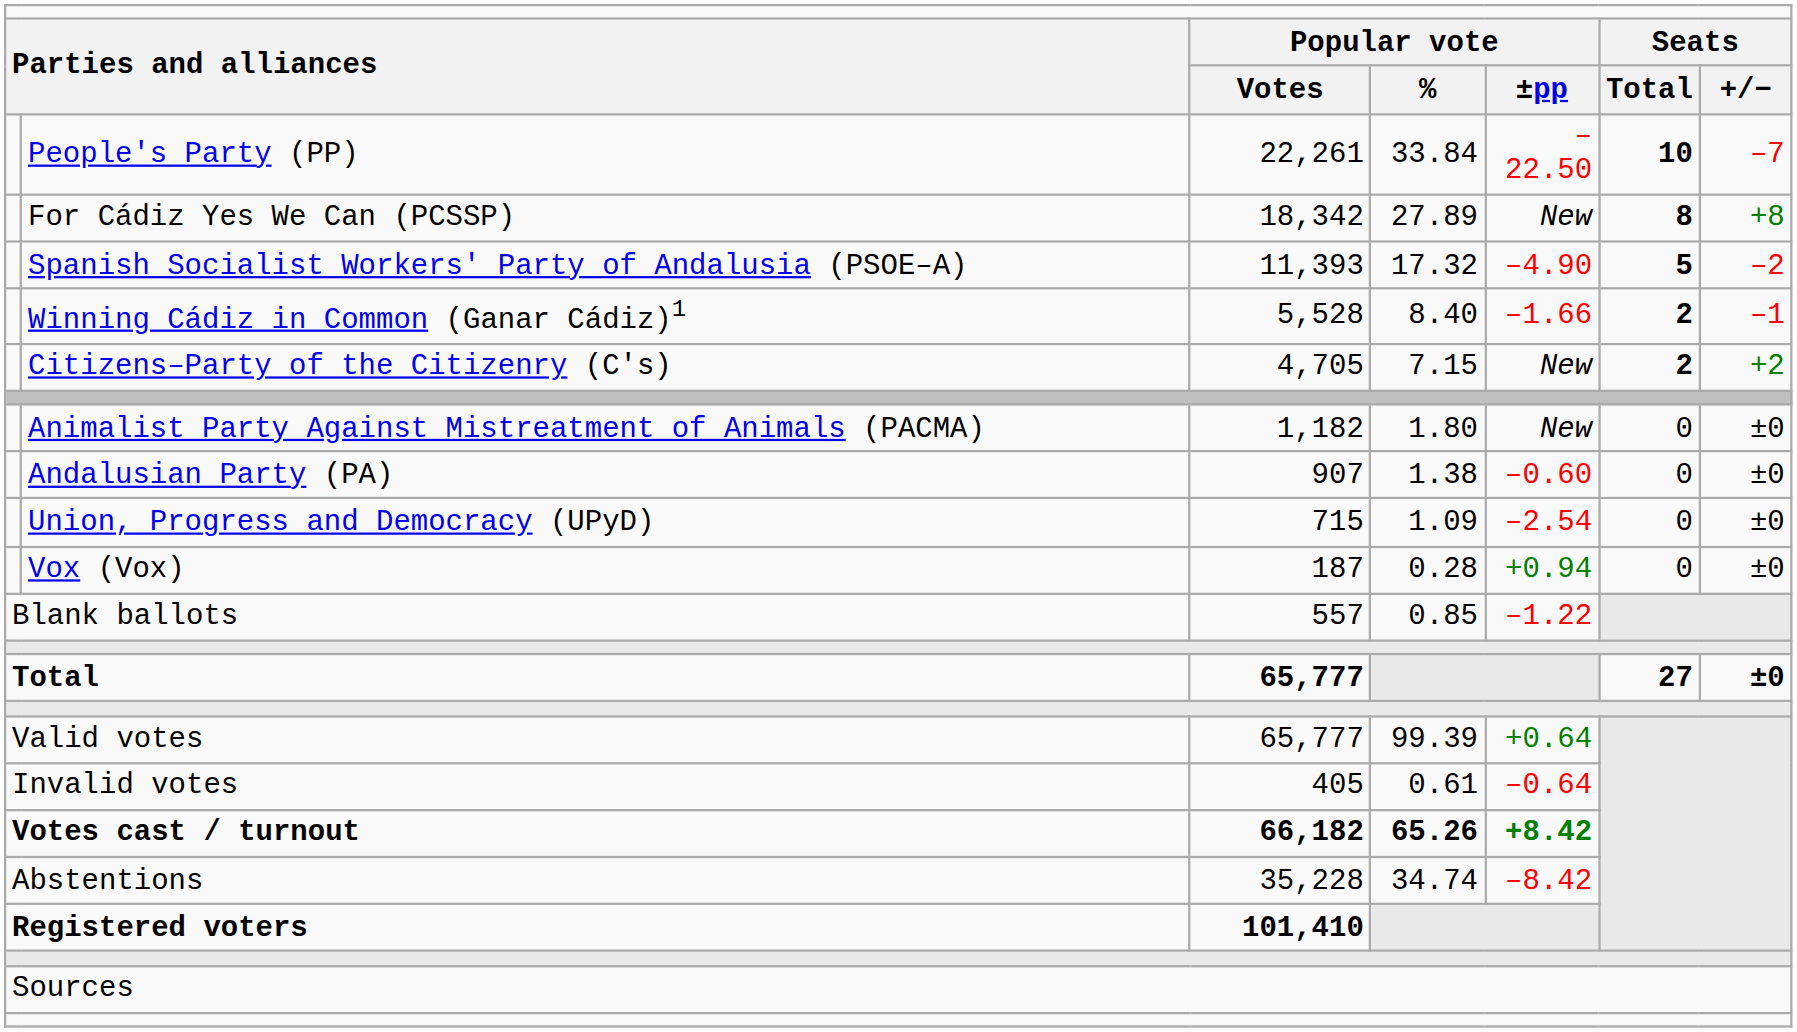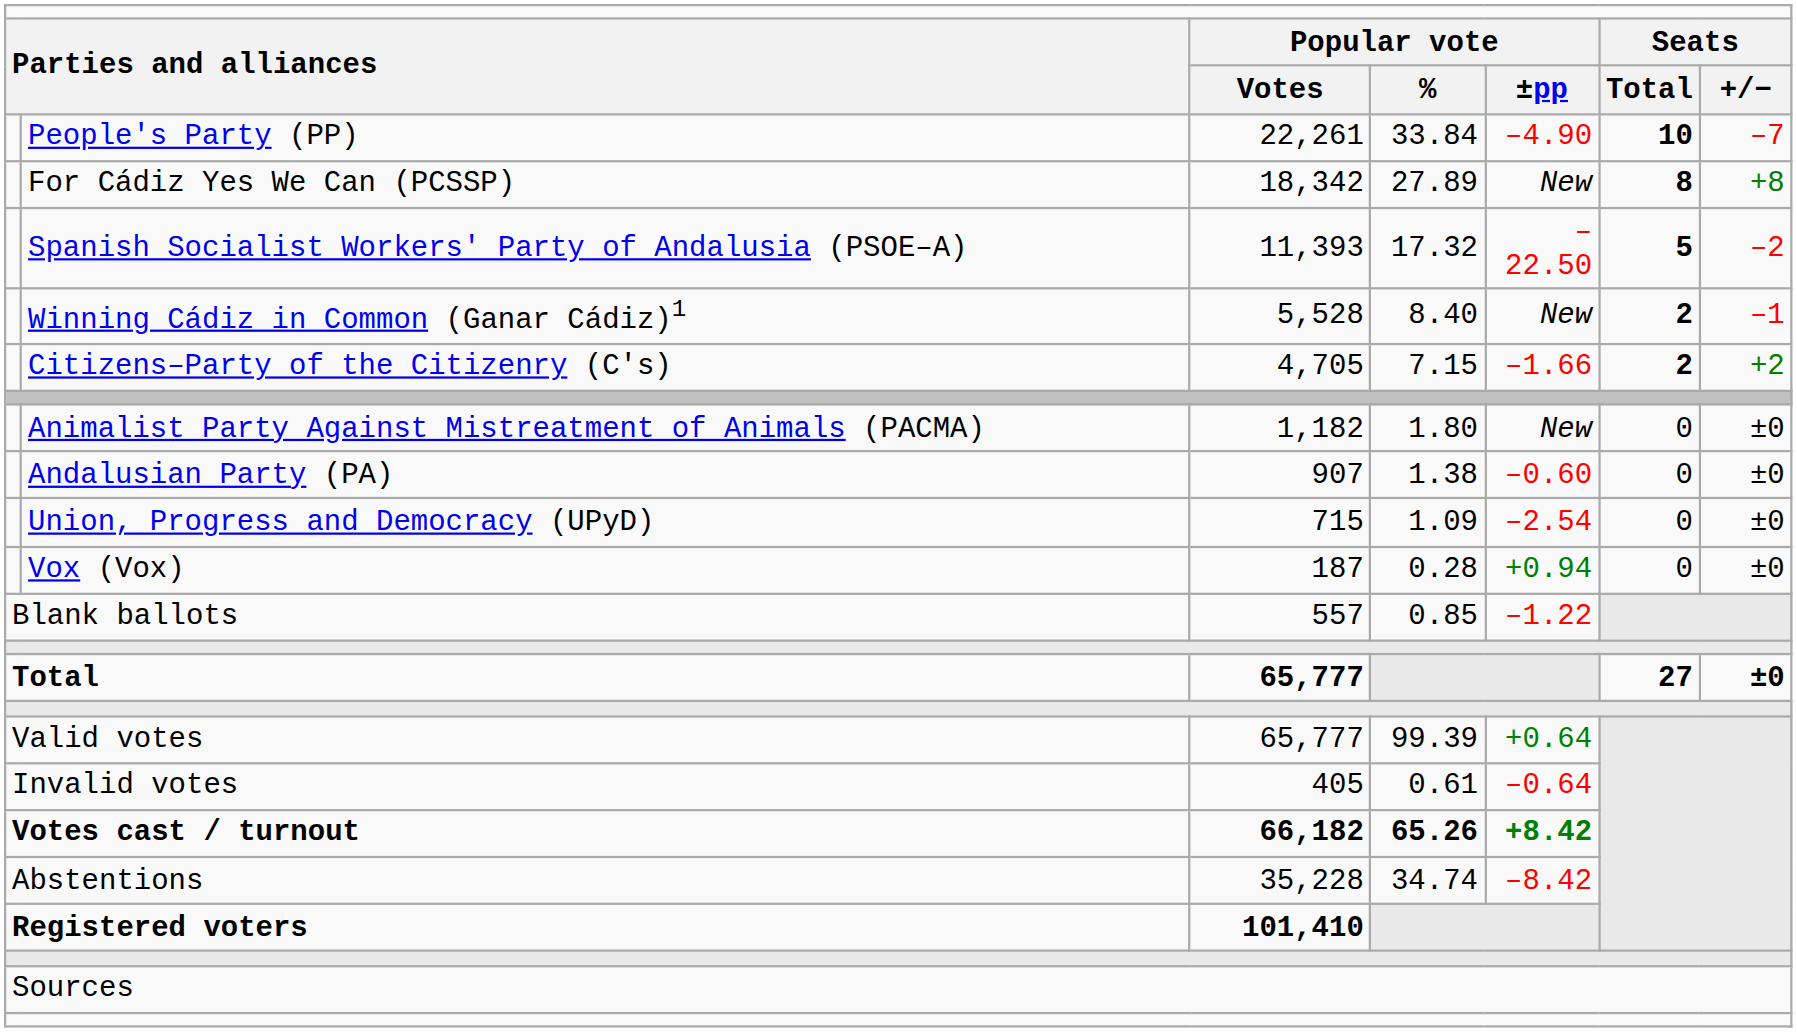 <table class="wikitable" style="text-align:right;">
 <tr>
 <td colspan="7"></td>
 </tr>
 <tr>
 <th style="text-align:left;" rowspan="2" colspan="2" width="525">Parties and alliances</th>
 <th colspan="3">Popular vote</th>
 <th colspan="2">Seats</th>
 </tr>
 <tr>
 <th width="75">Votes</th>
 <th width="45">%</th>
 <th width="45">±<a href='#'>pp</a></th>
 <th width="35">Total</th>
 <th width="35">+/−</th>
 </tr>
 <tr>
 <td width="1" style="color:inherit;background:"></td>
 <td align="left"><a href='#'>People's Party</a> (PP)</td>
 <td>22,261</td>
 <td>33.84</td>
-<td style="color:red;">–22.50</td>
+<td style="color:red;">–4.90</td>
 <td><strong>10</strong></td>
 <td style="color:red;">–7</td>
 </tr>
 <tr>
 <td style="color:inherit;background:"></td>
 <td align="left">For Cádiz Yes We Can (PCSSP)</td>
 <td>18,342</td>
 <td>27.89</td>
 <td><em>New</em></td>
 <td><strong>8</strong></td>
 <td style="color:green;">+8</td>
 </tr>
 <tr>
 <td style="color:inherit;background:"></td>
 <td align="left"><a href='#'>Spanish Socialist Workers' Party of Andalusia</a> (PSOE–A)</td>
 <td>11,393</td>
 <td>17.32</td>
-<td style="color:red;">–4.90</td>
+<td style="color:red;">–22.50</td>
 <td><strong>5</strong></td>
 <td style="color:red;">–2</td>
 </tr>
 <tr>
 <td style="color:inherit;background:"></td>
 <td align="left"><a href='#'>Winning Cádiz in Common</a> (Ganar Cádiz)<sup>1</sup></td>
 <td>5,528</td>
 <td>8.40</td>
-<td style="color:red;">–1.66</td>
+<td><em>New</em></td>
 <td><strong>2</strong></td>
 <td style="color:red;">–1</td>
 </tr>
 <tr>
 <td style="color:inherit;background:"></td>
 <td align="left"><a href='#'>Citizens–Party of the Citizenry</a> (C's)</td>
 <td>4,705</td>
 <td>7.15</td>
-<td><em>New</em></td>
+<td style="color:red;">–1.66</td>
 <td><strong>2</strong></td>
 <td style="color:green;">+2</td>
 </tr>
 <tr>
 <td colspan="7" bgcolor="#C0C0C0"></td>
 </tr>
 <tr>
 <td style="color:inherit;background:"></td>
 <td align="left"><a href='#'>Animalist Party Against Mistreatment of Animals</a> (PACMA)</td>
 <td>1,182</td>
 <td>1.80</td>
 <td><em>New</em></td>
 <td>0</td>
 <td>±0</td>
 </tr>
 <tr>
 <td style="color:inherit;background:"></td>
 <td align="left"><a href='#'>Andalusian Party</a> (PA)</td>
 <td>907</td>
 <td>1.38</td>
 <td style="color:red;">–0.60</td>
 <td>0</td>
 <td>±0</td>
 </tr>
 <tr>
 <td style="color:inherit;background:"></td>
 <td align="left"><a href='#'>Union, Progress and Democracy</a> (UPyD)</td>
 <td>715</td>
 <td>1.09</td>
 <td style="color:red;">–2.54</td>
 <td>0</td>
 <td>±0</td>
 </tr>
 <tr>
 <td style="color:inherit;background:"></td>
 <td align="left"><a href='#'>Vox</a> (Vox)</td>
 <td>187</td>
 <td>0.28</td>
 <td style="color:green;">+0.94</td>
 <td>0</td>
 <td>±0</td>
 </tr>
 <tr>
 <td align="left" colspan="2">Blank ballots</td>
 <td>557</td>
 <td>0.85</td>
 <td style="color:red;">–1.22</td>
 <td bgcolor="#E9E9E9" colspan="2"></td>
 </tr>
 <tr>
 <td colspan="7" bgcolor="#E9E9E9"></td>
 </tr>
 <tr style="font-weight:bold;">
 <td align="left" colspan="2">Total</td>
 <td>65,777</td>
 <td bgcolor="#E9E9E9" colspan="2"></td>
 <td>27</td>
 <td>±0</td>
 </tr>
 <tr>
 <td colspan="7" bgcolor="#E9E9E9"></td>
 </tr>
 <tr>
 <td align="left" colspan="2">Valid votes</td>
 <td>65,777</td>
 <td>99.39</td>
 <td style="color:green;">+0.64</td>
 <td bgcolor="#E9E9E9" colspan="2" rowspan="5"></td>
 </tr>
 <tr>
 <td align="left" colspan="2">Invalid votes</td>
 <td>405</td>
 <td>0.61</td>
 <td style="color:red;">–0.64</td>
 </tr>
 <tr style="font-weight:bold;">
 <td align="left" colspan="2">Votes cast / turnout</td>
 <td>66,182</td>
 <td>65.26</td>
 <td style="color:green;">+8.42</td>
 </tr>
 <tr>
 <td align="left" colspan="2">Abstentions</td>
 <td>35,228</td>
 <td>34.74</td>
 <td style="color:red;">–8.42</td>
 </tr>
 <tr style="font-weight:bold;">
 <td align="left" colspan="2">Registered voters</td>
 <td>101,410</td>
 <td bgcolor="#E9E9E9" colspan="2"></td>
 </tr>
 <tr>
 <td colspan="7" bgcolor="#E9E9E9"></td>
 </tr>
 <tr>
 <td align="left" colspan="7">Sources</td>
 </tr>
 <tr>
 <td colspan="7" style="text-align:left; max-width:790px;"></td>
 </tr>
 </table>
